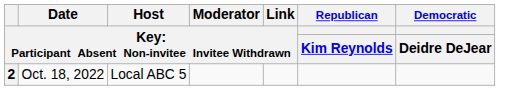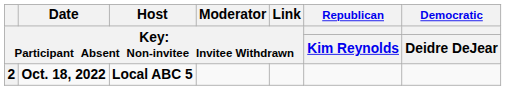 <table class="wikitable" style="text-align:center;">
 <tr>
 <th scope="col"></th>
 <th scope="col">Date</th>
 <th scope="col">Host</th>
 <th scope="col">Moderator</th>
 <th scope="col">Link</th>
 <th scope="col"><small><a href='#'>Republican</a></small></th>
 <th scope="col"><small><a href='#'>Democratic</a></small></th>
 </tr>
 <tr>
 <th colspan="5" rowspan="2">Key:<br> <small>Participant </small>  <small>Absent </small>  <small>Non-invitee </small>  <small>Invitee  Withdrawn</small></th>
 <th scope="col" style="background:"></th>
 <th scope="col" style="background:"></th>
 </tr>
 <tr>
 <th scope="col"><a href='#'>Kim Reynolds</a></th>
 <th scope="col">Deidre DeJear</th>
 </tr>
 <tr>
 <th scope="row">2</th>
-<td style="white-space:nowrap;">Oct. 18, 2022</td>
-<td style="white-space:nowrap;">Local ABC 5</td>
+<td style="white-space:nowrap;"><strong>Oct. 18, 2022</strong></td>
+<td style="white-space:nowrap;"><strong>Local ABC 5</strong></td>
 <td style="white-space:nowrap;"></td>
 <td style="white-space:nowrap;"></td>
 <td></td>
 <td></td>
 </tr>
 </table>
